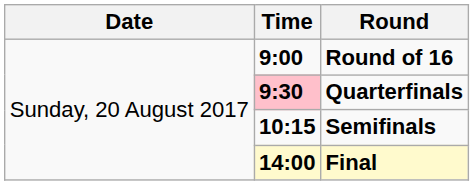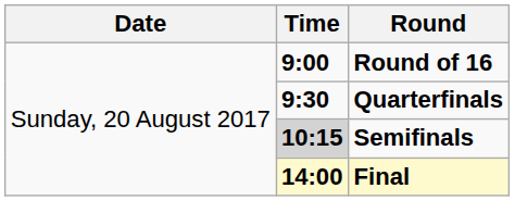 <table class="wikitable">
 <tr>
 <th>Date</th>
 <th>Time</th>
 <th>Round</th>
 </tr>
 <tr>
 <td rowspan="5">Sunday, 20 August 2017</td>
 <td><strong>9:00</strong></td>
 <td><strong>Round of 16</strong></td>
 </tr>
 <tr>
-<td style="background: pink;"><strong>9:30</strong></td>
+<td><strong>9:30</strong></td>
 <td><strong>Quarterfinals</strong></td>
 </tr>
 <tr>
-<td><strong>10:15</strong></td>
+<td style="background: lightgrey;"><strong>10:15</strong></td>
 <td><strong>Semifinals</strong></td>
 </tr>
 <tr style="background:lemonchiffon;">
 <td><strong>14:00</strong></td>
 <td><strong>Final</strong></td>
 </tr>
 </table>
